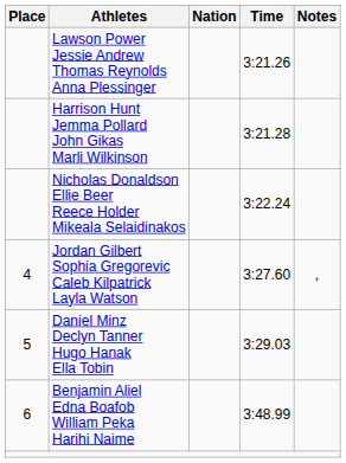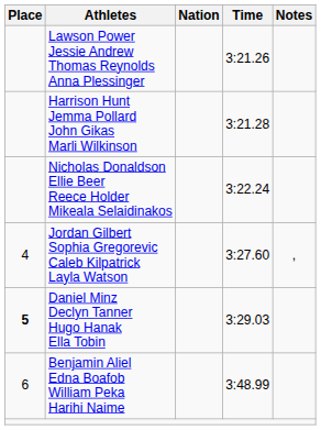 <table class="wikitable mw-datatable sortable" style="text-align:center;">
 <tr>
 <th scope="col">Place</th>
 <th scope="col">Athletes</th>
 <th scope="col">Nation</th>
 <th scope="col">Time</th>
 <th scope="col">Notes</th>
 </tr>
 <tr>
 <td></td>
 <td align="left"><a href='#'>Lawson Power</a><br><a href='#'>Jessie Andrew</a><br><a href='#'>Thomas Reynolds</a><br><a href='#'>Anna Plessinger</a></td>
 <td align="left"></td>
 <td>3:21.26</td>
 <td></td>
 </tr>
 <tr>
 <td></td>
 <td align="left"><a href='#'>Harrison Hunt</a><br><a href='#'>Jemma Pollard</a><br><a href='#'>John Gikas</a><br><a href='#'>Marli Wilkinson</a></td>
 <td align="left"></td>
 <td>3:21.28</td>
 <td></td>
 </tr>
 <tr>
 <td></td>
 <td align="left"><a href='#'>Nicholas Donaldson</a><br><a href='#'>Ellie Beer</a><br><a href='#'>Reece Holder</a><br><a href='#'>Mikeala Selaidinakos</a></td>
 <td align="left"></td>
 <td>3:22.24</td>
 <td></td>
 </tr>
 <tr>
 <td>4</td>
 <td align="left"><a href='#'>Jordan Gilbert</a><br><a href='#'>Sophia Gregorevic</a><br><a href='#'>Caleb Kilpatrick</a><br><a href='#'>Layla Watson</a></td>
 <td align="left"></td>
 <td>3:27.60</td>
 <td>, </td>
 </tr>
 <tr>
-<td>5</td>
+<td><strong>5</strong></td>
 <td align="left"><a href='#'>Daniel Minz</a><br><a href='#'>Declyn Tanner</a><br><a href='#'>Hugo Hanak</a><br><a href='#'>Ella Tobin</a></td>
 <td align="left"></td>
 <td>3:29.03</td>
 <td></td>
 </tr>
 <tr>
 <td>6</td>
 <td align="left"><a href='#'>Benjamin Aliel</a><br><a href='#'>Edna Boafob</a><br><a href='#'>William Peka</a><br><a href='#'>Harihi Naime</a></td>
 <td align="left"></td>
 <td>3:48.99</td>
 <td></td>
 </tr>
 <tr class="sortbottom">
 <td colspan="5"></td>
 </tr>
 </table>
